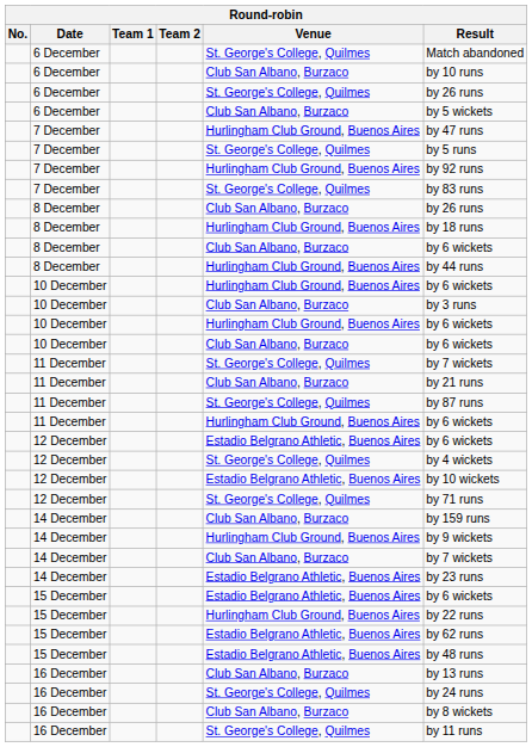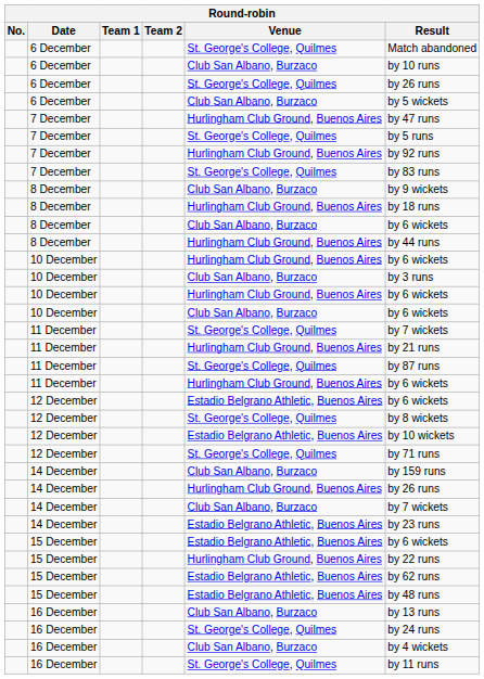 <table class="wikitable">
 <tr>
 <th colspan="6">Round-robin</th>
 </tr>
 <tr>
 <th>No.</th>
 <th>Date</th>
 <th>Team 1</th>
 <th>Team 2</th>
 <th>Venue</th>
 <th>Result</th>
 </tr>
 <tr>
 <td></td>
 <td>6 December</td>
 <td></td>
 <td></td>
 <td><a href='#'>St. George's College</a>, <a href='#'>Quilmes</a></td>
 <td>Match abandoned</td>
 </tr>
 <tr>
 <td></td>
 <td>6 December</td>
 <td></td>
 <td></td>
 <td><a href='#'>Club San Albano</a>, <a href='#'>Burzaco</a></td>
 <td> by 10 runs</td>
 </tr>
 <tr>
 <td></td>
 <td>6 December</td>
 <td></td>
 <td></td>
 <td><a href='#'>St. George's College</a>, <a href='#'>Quilmes</a></td>
 <td> by 26 runs</td>
 </tr>
 <tr>
 <td></td>
 <td>6 December</td>
 <td></td>
 <td></td>
 <td><a href='#'>Club San Albano</a>, <a href='#'>Burzaco</a></td>
 <td> by 5 wickets</td>
 </tr>
 <tr>
 <td></td>
 <td>7 December</td>
 <td></td>
 <td></td>
 <td><a href='#'>Hurlingham Club Ground</a>, <a href='#'>Buenos Aires</a></td>
 <td> by 47 runs</td>
 </tr>
 <tr>
 <td></td>
 <td>7 December</td>
 <td></td>
 <td></td>
 <td><a href='#'>St. George's College</a>, <a href='#'>Quilmes</a></td>
 <td> by 5 runs</td>
 </tr>
 <tr>
 <td></td>
 <td>7 December</td>
 <td></td>
 <td></td>
 <td><a href='#'>Hurlingham Club Ground</a>, <a href='#'>Buenos Aires</a></td>
 <td> by 92 runs</td>
 </tr>
 <tr>
 <td></td>
 <td>7 December</td>
 <td></td>
 <td></td>
 <td><a href='#'>St. George's College</a>, <a href='#'>Quilmes</a></td>
 <td> by 83 runs</td>
 </tr>
 <tr>
 <td></td>
 <td>8 December</td>
 <td></td>
 <td></td>
 <td><a href='#'>Club San Albano</a>, <a href='#'>Burzaco</a></td>
-<td> by 26 runs</td>
+<td> by 9 wickets</td>
 </tr>
 <tr>
 <td></td>
 <td>8 December</td>
 <td></td>
 <td></td>
 <td><a href='#'>Hurlingham Club Ground</a>, <a href='#'>Buenos Aires</a></td>
 <td> by 18 runs</td>
 </tr>
 <tr>
 <td></td>
 <td>8 December</td>
 <td></td>
 <td></td>
 <td><a href='#'>Club San Albano</a>, <a href='#'>Burzaco</a></td>
 <td> by 6 wickets</td>
 </tr>
 <tr>
 <td></td>
 <td>8 December</td>
 <td></td>
 <td></td>
 <td><a href='#'>Hurlingham Club Ground</a>, <a href='#'>Buenos Aires</a></td>
 <td> by 44 runs</td>
 </tr>
 <tr>
 <td></td>
 <td>10 December</td>
 <td></td>
 <td></td>
 <td><a href='#'>Hurlingham Club Ground</a>, <a href='#'>Buenos Aires</a></td>
 <td> by 6 wickets</td>
 </tr>
 <tr>
 <td></td>
 <td>10 December</td>
 <td></td>
 <td></td>
 <td><a href='#'>Club San Albano</a>, <a href='#'>Burzaco</a></td>
 <td> by 3 runs</td>
 </tr>
 <tr>
 <td></td>
 <td>10 December</td>
 <td></td>
 <td></td>
 <td><a href='#'>Hurlingham Club Ground</a>, <a href='#'>Buenos Aires</a></td>
 <td> by 6 wickets</td>
 </tr>
 <tr>
 <td></td>
 <td>10 December</td>
 <td></td>
 <td></td>
 <td><a href='#'>Club San Albano</a>, <a href='#'>Burzaco</a></td>
 <td> by 6 wickets</td>
 </tr>
 <tr>
 <td></td>
 <td>11 December</td>
 <td></td>
 <td></td>
 <td><a href='#'>St. George's College</a>, <a href='#'>Quilmes</a></td>
 <td> by 7 wickets</td>
 </tr>
 <tr>
 <td></td>
 <td>11 December</td>
 <td></td>
 <td></td>
-<td><a href='#'>Club San Albano</a>, <a href='#'>Burzaco</a></td>
+<td><a href='#'>Hurlingham Club Ground</a>, <a href='#'>Buenos Aires</a></td>
 <td> by 21 runs</td>
 </tr>
 <tr>
 <td></td>
 <td>11 December</td>
 <td></td>
 <td></td>
 <td><a href='#'>St. George's College</a>, <a href='#'>Quilmes</a></td>
 <td> by 87 runs</td>
 </tr>
 <tr>
 <td></td>
 <td>11 December</td>
 <td></td>
 <td></td>
 <td><a href='#'>Hurlingham Club Ground</a>, <a href='#'>Buenos Aires</a></td>
 <td> by 6 wickets</td>
 </tr>
 <tr>
 <td></td>
 <td>12 December</td>
 <td></td>
 <td></td>
 <td><a href='#'>Estadio Belgrano Athletic</a>, <a href='#'>Buenos Aires</a></td>
 <td> by 6 wickets</td>
 </tr>
 <tr>
 <td></td>
 <td>12 December</td>
 <td></td>
 <td></td>
 <td><a href='#'>St. George's College</a>, <a href='#'>Quilmes</a></td>
-<td> by 4 wickets</td>
+<td> by 8 wickets</td>
 </tr>
 <tr>
 <td></td>
 <td>12 December</td>
 <td></td>
 <td></td>
 <td><a href='#'>Estadio Belgrano Athletic</a>, <a href='#'>Buenos Aires</a></td>
 <td> by 10 wickets</td>
 </tr>
 <tr>
 <td></td>
 <td>12 December</td>
 <td></td>
 <td></td>
 <td><a href='#'>St. George's College</a>, <a href='#'>Quilmes</a></td>
 <td> by 71 runs</td>
 </tr>
 <tr>
 <td></td>
 <td>14 December</td>
 <td></td>
 <td></td>
 <td><a href='#'>Club San Albano</a>, <a href='#'>Burzaco</a></td>
 <td> by 159 runs</td>
 </tr>
 <tr>
 <td></td>
 <td>14 December</td>
 <td></td>
 <td></td>
 <td><a href='#'>Hurlingham Club Ground</a>, <a href='#'>Buenos Aires</a></td>
-<td> by 9 wickets</td>
+<td> by 26 runs</td>
 </tr>
 <tr>
 <td></td>
 <td>14 December</td>
 <td></td>
 <td></td>
 <td><a href='#'>Club San Albano</a>, <a href='#'>Burzaco</a></td>
 <td> by 7 wickets</td>
 </tr>
 <tr>
 <td></td>
 <td>14 December</td>
 <td></td>
 <td></td>
 <td><a href='#'>Estadio Belgrano Athletic</a>, <a href='#'>Buenos Aires</a></td>
 <td> by 23 runs</td>
 </tr>
 <tr>
 <td></td>
 <td>15 December</td>
 <td></td>
 <td></td>
 <td><a href='#'>Estadio Belgrano Athletic</a>, <a href='#'>Buenos Aires</a></td>
 <td> by 6 wickets</td>
 </tr>
 <tr>
 <td></td>
 <td>15 December</td>
 <td></td>
 <td></td>
 <td><a href='#'>Hurlingham Club Ground</a>, <a href='#'>Buenos Aires</a></td>
 <td> by 22 runs</td>
 </tr>
 <tr>
 <td></td>
 <td>15 December</td>
 <td></td>
 <td></td>
 <td><a href='#'>Estadio Belgrano Athletic</a>, <a href='#'>Buenos Aires</a></td>
 <td> by 62 runs</td>
 </tr>
 <tr>
 <td></td>
 <td>15 December</td>
 <td></td>
 <td></td>
 <td><a href='#'>Estadio Belgrano Athletic</a>, <a href='#'>Buenos Aires</a></td>
 <td> by 48 runs</td>
 </tr>
 <tr>
 <td></td>
 <td>16 December</td>
 <td></td>
 <td></td>
 <td><a href='#'>Club San Albano</a>, <a href='#'>Burzaco</a></td>
 <td> by 13 runs</td>
 </tr>
 <tr>
 <td></td>
 <td>16 December</td>
 <td></td>
 <td></td>
 <td><a href='#'>St. George's College</a>, <a href='#'>Quilmes</a></td>
 <td> by 24 runs</td>
 </tr>
 <tr>
 <td></td>
 <td>16 December</td>
 <td></td>
 <td></td>
 <td><a href='#'>Club San Albano</a>, <a href='#'>Burzaco</a></td>
-<td> by 8 wickets</td>
+<td> by 4 wickets</td>
 </tr>
 <tr>
 <td></td>
 <td>16 December</td>
 <td></td>
 <td></td>
 <td><a href='#'>St. George's College</a>, <a href='#'>Quilmes</a></td>
 <td> by 11 runs</td>
 </tr>
 </table>
